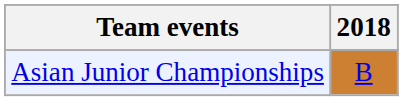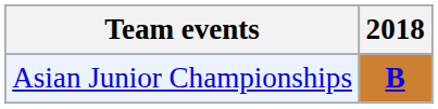 <table style='font-size: 90%; text-align:center;' class='wikitable'>
 <tr>
 <th>Team events</th>
 <th>2018</th>
 </tr>
 <tr>
 <td bgcolor="#ECF2FF"; align="left"><a href='#'>Asian Junior Championships</a></td>
-<td bgcolor=CD7F32><a href='#'>B</a></td>
+<td bgcolor=CD7F32><strong><a href='#'>B</a></strong></td>
 </tr>
 </table>
